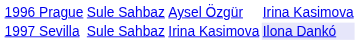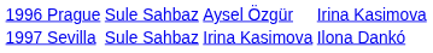 <table>
 <tr>
 <td><a href='#'>1996 Prague</a></td>
 <td> <a href='#'>Sule Sahbaz</a></td>
 <td> <a href='#'>Aysel Özgür</a></td>
 <td> <a href='#'>Irina Kasimova</a></td>
 </tr>
 <tr>
 <td><a href='#'>1997 Sevilla</a></td>
 <td> <a href='#'>Sule Sahbaz</a></td>
 <td> <a href='#'>Irina Kasimova</a></td>
-<td style="background: lavender;"> <a href='#'>Ilona Dankó</a></td>
+<td> <a href='#'>Ilona Dankó</a></td>
 </tr>
 </table>
